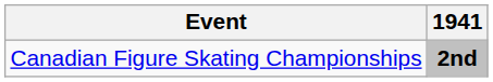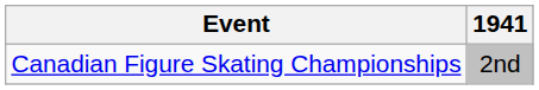 <table class="wikitable">
 <tr>
 <th>Event</th>
 <th>1941</th>
 </tr>
 <tr>
 <td><a href='#'>Canadian Figure Skating Championships</a></td>
-<td align="center" bgcolor="silver"><strong>2nd</strong></td>
+<td align="center" bgcolor="silver">2nd</td>
 </tr>
 </table>
